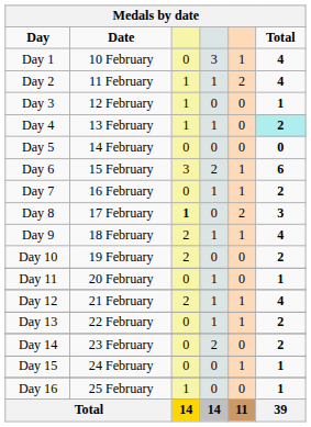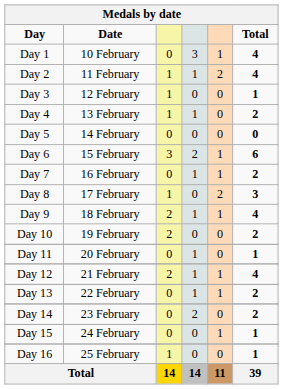 <table class="wikitable" style="font-size:85%; float:right; clear:right; min-width:308px">
 <tr bgcolor=efefef>
 <th colspan=6>Medals by date</th>
 </tr>
 <tr align=center>
 <td><strong>Day</strong></td>
 <td><strong>Date</strong></td>
 <td bgcolor=#f7f6a8></td>
 <td bgcolor=#dce5e5></td>
 <td bgcolor=#ffdab9></td>
 <td><strong>Total</strong></td>
 </tr>
 <tr align=center>
 <td>Day 1</td>
 <td>10 February</td>
 <td bgcolor=F7F6A8>0</td>
 <td bgcolor=DCE5E5>3</td>
 <td bgcolor=FFDAB9>1</td>
 <td><strong>4</strong></td>
 </tr>
 <tr align=center>
 <td>Day 2</td>
 <td>11 February</td>
 <td bgcolor=F7F6A8>1</td>
 <td bgcolor=DCE5E5>1</td>
 <td bgcolor=FFDAB9>2</td>
 <td><strong>4</strong></td>
 </tr>
 <tr align=center>
 <td>Day 3</td>
 <td>12 February</td>
 <td bgcolor=F7F6A8>1</td>
 <td bgcolor=DCE5E5>0</td>
 <td bgcolor=FFDAB9>0</td>
 <td><strong>1</strong></td>
 </tr>
 <tr align=center>
 <td>Day 4</td>
 <td>13 February</td>
 <td bgcolor=F7F6A8>1</td>
 <td bgcolor=DCE5E5>1</td>
 <td bgcolor=FFDAB9>0</td>
-<td style="background: paleturquoise;"><strong>2</strong></td>
+<td><strong>2</strong></td>
 </tr>
 <tr align=center>
 <td>Day 5</td>
 <td>14 February</td>
 <td bgcolor=F7F6A8>0</td>
 <td bgcolor=DCE5E5>0</td>
 <td bgcolor=FFDAB9>0</td>
 <td><strong>0</strong></td>
 </tr>
 <tr align=center>
 <td>Day 6</td>
 <td>15 February</td>
 <td bgcolor=F7F6A8>3</td>
 <td bgcolor=DCE5E5>2</td>
 <td bgcolor=FFDAB9>1</td>
 <td><strong>6</strong></td>
 </tr>
 <tr align=center>
 <td>Day 7</td>
 <td>16 February</td>
 <td bgcolor=F7F6A8>0</td>
 <td bgcolor=DCE5E5>1</td>
 <td bgcolor=FFDAB9>1</td>
 <td><strong>2</strong></td>
 </tr>
 <tr align=center>
 <td>Day 8</td>
 <td>17 February</td>
-<td bgcolor=F7F6A8><strong>1</strong></td>
+<td bgcolor=F7F6A8>1</td>
 <td bgcolor=DCE5E5>0</td>
 <td bgcolor=FFDAB9>2</td>
 <td><strong>3</strong></td>
 </tr>
 <tr align=center>
 <td>Day 9</td>
 <td>18 February</td>
 <td bgcolor=F7F6A8>2</td>
 <td bgcolor=DCE5E5>1</td>
 <td bgcolor=FFDAB9>1</td>
 <td><strong>4</strong></td>
 </tr>
 <tr align=center>
 <td>Day 10</td>
 <td>19 February</td>
 <td bgcolor=F7F6A8>2</td>
 <td bgcolor=DCE5E5>0</td>
 <td bgcolor=FFDAB9>0</td>
 <td><strong>2</strong></td>
 </tr>
 <tr>
 </tr>
 <tr align=center>
 <td>Day 11</td>
 <td>20 February</td>
 <td bgcolor=F7F6A8>0</td>
 <td bgcolor=DCE5E5>1</td>
 <td bgcolor=FFDAB9>0</td>
 <td><strong>1</strong></td>
 </tr>
 <tr>
 </tr>
 <tr align=center>
 <td>Day 12</td>
 <td>21 February</td>
 <td bgcolor=F7F6A8>2</td>
 <td bgcolor=DCE5E5>1</td>
 <td bgcolor=FFDAB9>1</td>
 <td><strong>4</strong></td>
 </tr>
 <tr>
 </tr>
 <tr align=center>
 <td>Day 13</td>
 <td>22 February</td>
 <td bgcolor=F7F6A8>0</td>
 <td bgcolor=DCE5E5>1</td>
 <td bgcolor=FFDAB9>1</td>
 <td><strong>2</strong></td>
 </tr>
 <tr>
 </tr>
 <tr align=center>
 <td>Day 14</td>
 <td>23 February</td>
 <td bgcolor=F7F6A8>0</td>
 <td bgcolor=DCE5E5>2</td>
 <td bgcolor=FFDAB9>0</td>
 <td><strong>2</strong></td>
 </tr>
 <tr>
 </tr>
 <tr align=center>
 <td>Day 15</td>
 <td>24 February</td>
 <td bgcolor=F7F6A8>0</td>
 <td bgcolor=DCE5E5>0</td>
 <td bgcolor=FFDAB9>1</td>
 <td><strong>1</strong></td>
 </tr>
 <tr>
 </tr>
 <tr align=center>
 <td>Day 16</td>
 <td>25 February</td>
 <td bgcolor=F7F6A8>1</td>
 <td bgcolor=DCE5E5>0</td>
 <td bgcolor=FFDAB9>0</td>
 <td><strong>1</strong></td>
 </tr>
 <tr>
 <th colspan=2>Total</th>
 <th style="background:gold">14</th>
 <th style="background:silver">14</th>
 <th style="background:#c96">11</th>
 <th>39</th>
 </tr>
 </table>
